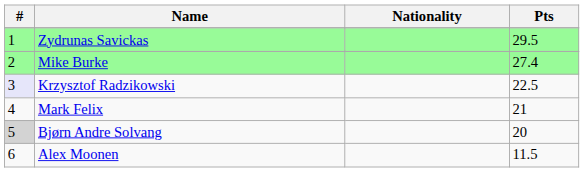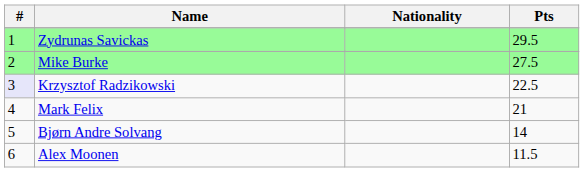 <table class="wikitable" style="display: inline-table; width: 50%;">
 <tr>
 <th>#</th>
 <th>Name</th>
 <th>Nationality</th>
 <th>Pts</th>
 </tr>
 <tr>
 </tr>
 <tr style="background:palegreen;">
 <td>1</td>
 <td><a href='#'>Zydrunas Savickas</a></td>
 <td></td>
 <td>29.5</td>
 </tr>
 <tr>
 </tr>
 <tr style="background:palegreen;">
 <td>2</td>
 <td><a href='#'>Mike Burke</a></td>
 <td></td>
-<td>27.4</td>
+<td>27.5</td>
 </tr>
 <tr>
 <td style="background: lavender;">3</td>
 <td><a href='#'>Krzysztof Radzikowski</a></td>
 <td></td>
 <td>22.5</td>
 </tr>
 <tr>
 <td>4</td>
 <td><a href='#'>Mark Felix</a></td>
 <td></td>
 <td>21</td>
 </tr>
 <tr>
-<td style="background: lightgrey;">5</td>
+<td>5</td>
 <td><a href='#'>Bjørn Andre Solvang</a></td>
 <td></td>
-<td>20</td>
+<td>14</td>
 </tr>
 <tr>
 <td>6</td>
 <td><a href='#'>Alex Moonen</a></td>
 <td></td>
 <td>11.5</td>
 </tr>
 </table>
